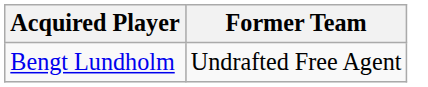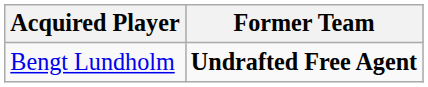 <table class="wikitable">
 <tr>
 <th>Acquired Player</th>
 <th>Former Team</th>
 </tr>
 <tr>
 <td><a href='#'>Bengt Lundholm</a></td>
-<td>Undrafted Free Agent</td>
+<td><strong>Undrafted Free Agent</strong></td>
 </tr>
 </table>
